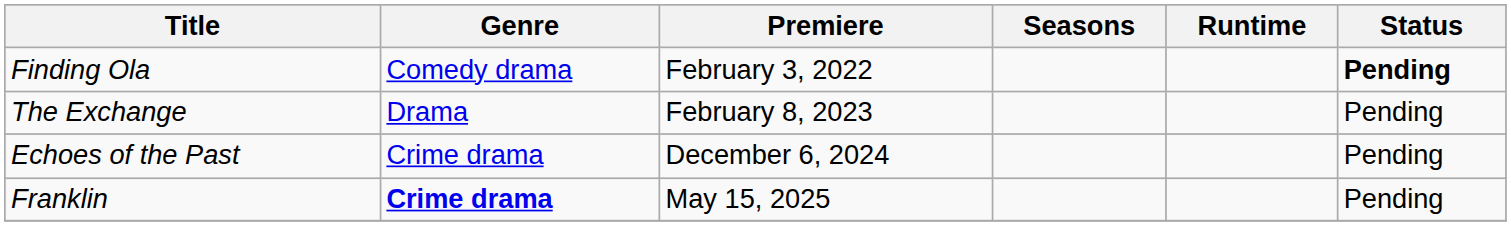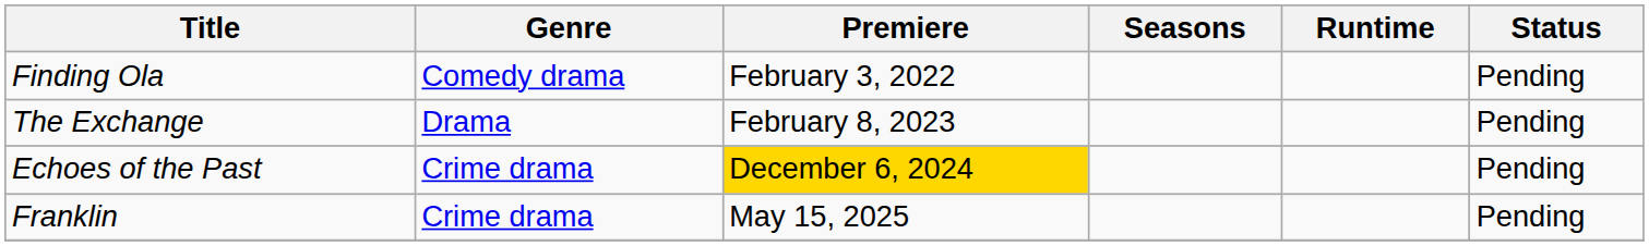 <table class="wikitable sortable" style="width:100%">
 <tr>
 <th scope="col" style="width:25%;">Title</th>
 <th>Genre</th>
 <th>Premiere</th>
 <th>Seasons</th>
 <th>Runtime</th>
 <th>Status</th>
 </tr>
 <tr>
 <td><em>Finding Ola</em></td>
 <td><a href='#'>Comedy drama</a></td>
 <td>February 3, 2022</td>
 <td></td>
 <td></td>
-<td><strong>Pending</strong></td>
+<td>Pending</td>
 </tr>
 <tr>
 <td><em>The Exchange</em></td>
 <td><a href='#'>Drama</a></td>
 <td>February 8, 2023</td>
 <td></td>
 <td></td>
 <td>Pending</td>
 </tr>
 <tr>
 <td><em>Echoes of the Past</em></td>
 <td><a href='#'>Crime drama</a></td>
-<td>December 6, 2024</td>
+<td style="background: gold;">December 6, 2024</td>
 <td></td>
 <td></td>
 <td>Pending</td>
 </tr>
 <tr>
 <td><em>Franklin</em></td>
-<td><strong><a href='#'>Crime drama</a></strong></td>
+<td><a href='#'>Crime drama</a></td>
 <td>May 15, 2025</td>
 <td></td>
 <td></td>
 <td>Pending</td>
 </tr>
 <tr>
 </tr>
 </table>
